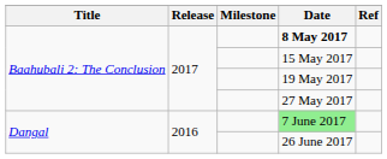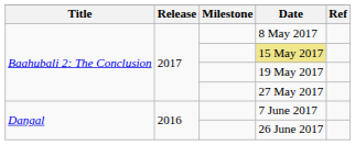 <table class="wikitable sortable" style="margin:auto;">
 <tr>
 </tr>
 <tr>
 <th>Title</th>
 <th>Release</th>
 <th>Milestone</th>
 <th>Date</th>
 <th>Ref</th>
 </tr>
 <tr>
 <td rowspan="4"><em><a href='#'>Baahubali 2: The Conclusion</a></em></td>
 <td rowspan="4">2017</td>
 <td></td>
-<td><strong>8 May 2017</strong></td>
+<td>8 May 2017</td>
 <td></td>
 </tr>
 <tr>
 <td></td>
-<td>15 May 2017</td>
+<td style="background: khaki;">15 May 2017</td>
 <td></td>
 </tr>
 <tr>
 <td></td>
 <td>19 May 2017</td>
 <td></td>
 </tr>
 <tr>
 <td></td>
 <td>27 May 2017</td>
 <td></td>
 </tr>
 <tr>
 <td rowspan="2"><em><a href='#'>Dangal</a></em></td>
 <td rowspan="2">2016</td>
 <td></td>
-<td style="background: lightgreen;">7 June 2017</td>
+<td>7 June 2017</td>
 <td></td>
 </tr>
 <tr>
 <td></td>
 <td>26 June 2017</td>
 <td></td>
 </tr>
 </table>
